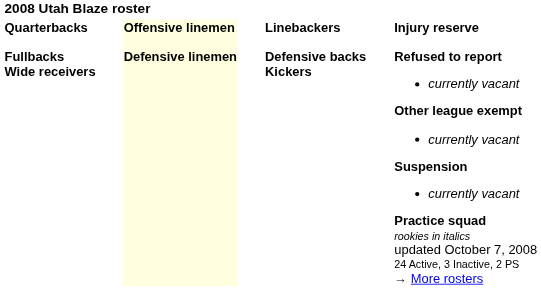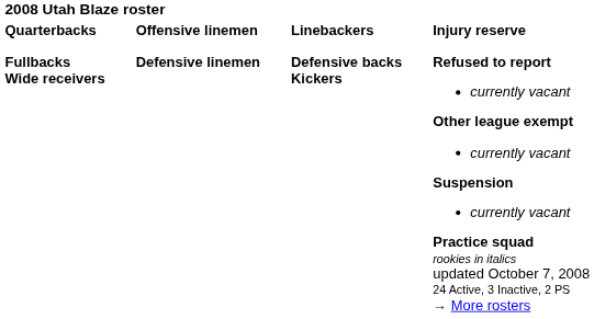 <table class="toccolours" style="text-align: left;">
 <tr>
 <th colspan="7"><strong>2008 Utah Blaze roster</strong></th>
 </tr>
 <tr>
 <td style="font-size: 95%;" valign="top"><strong>Quarterbacks</strong><br> <br><strong>Fullbacks</strong>  <br><strong>Wide receivers</strong>    </td>
 <td style="width: 25px;"></td>
-<td style="background: lightyellow; font-size: 95%;" valign="top"><strong>Offensive linemen</strong><br>  <br><strong>Defensive linemen</strong>      </td>
+<td style="font-size: 95%;" valign="top"><strong>Offensive linemen</strong><br>  <br><strong>Defensive linemen</strong>      </td>
 <td style="width: 25px;"></td>
 <td style="font-size: 95%;" valign="top"><strong>Linebackers</strong><br> <br><strong>Defensive backs</strong>    <br><strong>Kickers</strong> </td>
 <td style="width: 25px;"></td>
 <td style="font-size: 95%;" valign="top"><strong>Injury reserve</strong><br>  <br><strong>Refused to report</strong><ul><li><em>currently vacant</em></li></ul><strong>Other league exempt</strong><ul><li><em>currently vacant</em></li></ul><strong>Suspension</strong><ul><li><em>currently vacant</em></li></ul><strong>Practice squad</strong>  <br><small><em>rookies in italics</em><br></small>  updated October 7, 2008<br> <small>24 Active, 3 Inactive, 2 PS</small><br>→ <a href='#'>More rosters</a></td>
 </tr>
 <tr>
 </tr>
 </table>
